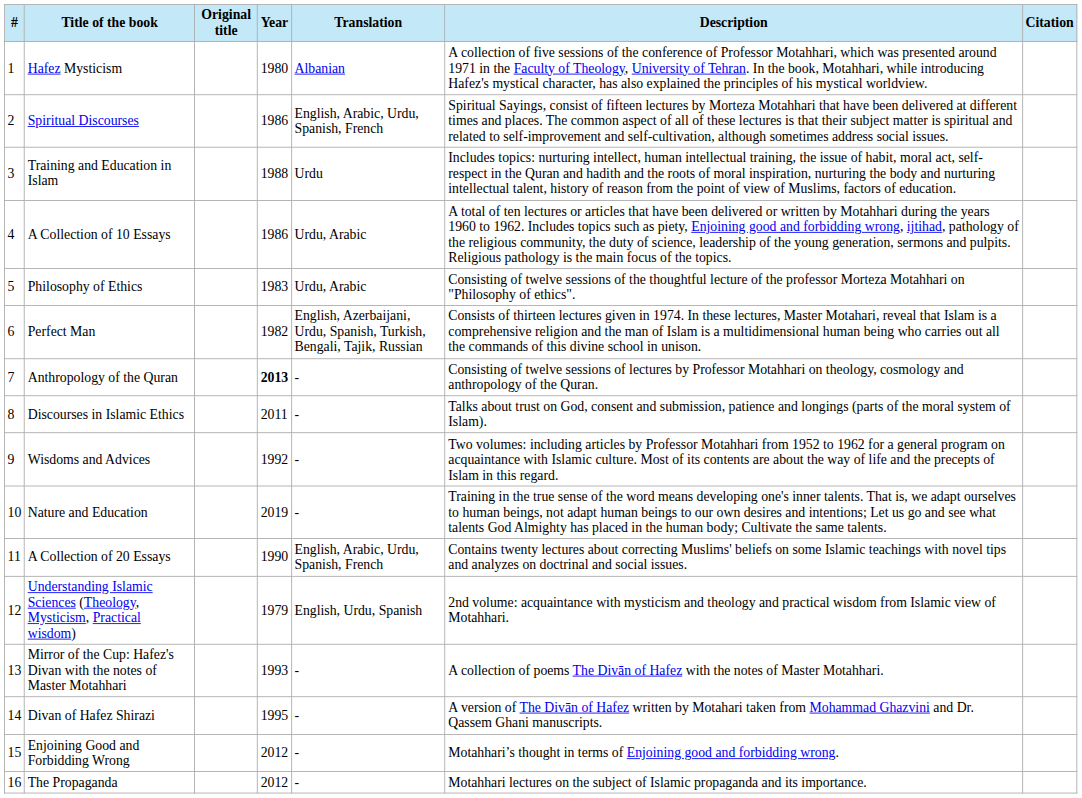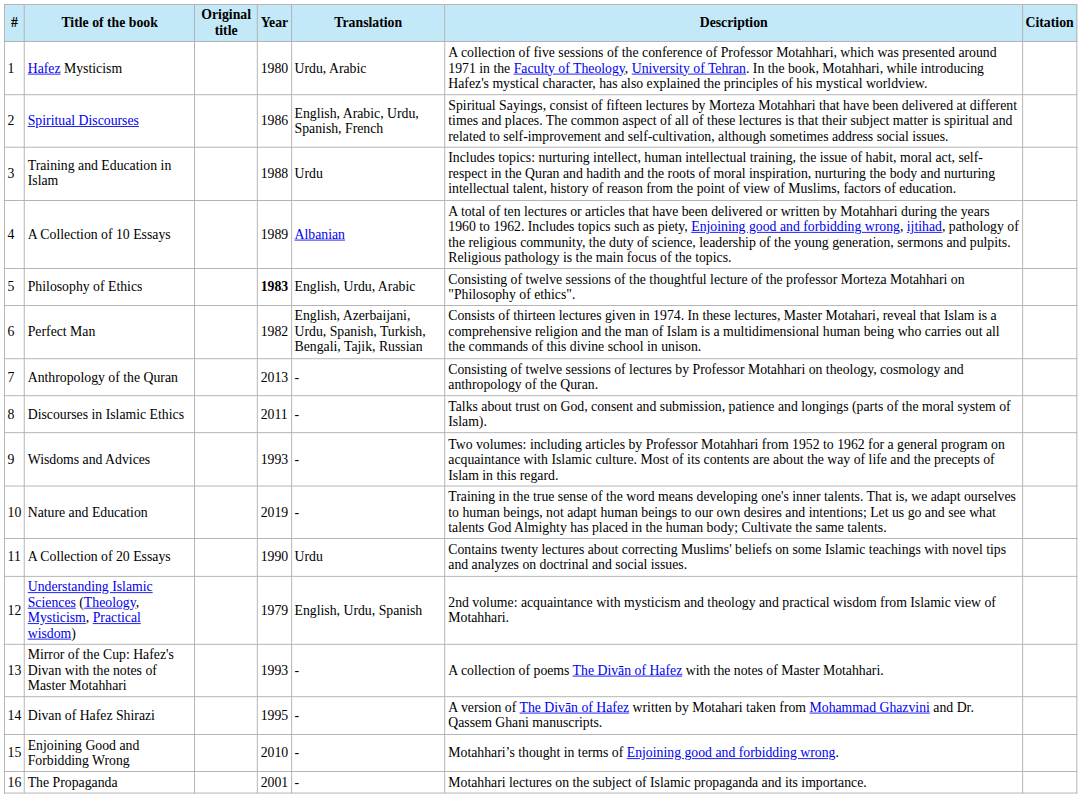 <table class="wikitable" style="background-color:#ffffff; color:#000000">
 <tr>
 <th style="background-color:#c3e8f7;">#</th>
 <th style="background-color:#c3e8f7;">Title of the book</th>
 <th style="background-color:#c3e8f7;">Original title</th>
 <th style="background-color:#c3e8f7;">Year</th>
 <th style="background-color:#c3e8f7;">Translation</th>
 <th style="background-color:#c3e8f7;">Description</th>
 <th style="background-color:#c3e8f7;">Citation</th>
 </tr>
 <tr>
 <td>1</td>
 <td><a href='#'>Hafez</a> Mysticism</td>
 <td></td>
 <td>1980</td>
-<td><a href='#'>Albanian</a></td>
+<td>Urdu, Arabic</td>
 <td>A collection of five sessions of the conference of Professor Motahhari, which was presented around 1971 in the <a href='#'>Faculty of Theology</a>, <a href='#'>University of Tehran</a>. In the book, Motahhari, while introducing Hafez's mystical character, has also explained the principles of his mystical worldview.</td>
 <td></td>
 </tr>
 <tr>
 <td>2</td>
 <td><a href='#'>Spiritual Discourses</a></td>
 <td></td>
 <td>1986</td>
 <td>English, Arabic, Urdu, Spanish, French</td>
 <td>Spiritual Sayings, consist of fifteen lectures by Morteza Motahhari that have been delivered at different times and places. The common aspect of all of these lectures is that their subject matter is spiritual and related to self-improvement and self-cultivation, although sometimes address social issues.</td>
 <td></td>
 </tr>
 <tr>
 <td>3</td>
 <td>Training and Education in Islam</td>
 <td></td>
 <td>1988</td>
 <td>Urdu</td>
 <td>Includes topics: nurturing intellect, human intellectual training, the issue of habit, moral act, self-respect in the Quran and hadith and the roots of moral inspiration, nurturing the body and nurturing intellectual talent, history of reason from the point of view of Muslims, factors of education.</td>
 <td></td>
 </tr>
 <tr>
 <td>4</td>
 <td>A Collection of 10 Essays</td>
 <td></td>
-<td>1986</td>
-<td>Urdu, Arabic</td>
+<td>1989</td>
+<td><a href='#'>Albanian</a></td>
 <td>A total of ten lectures or articles that have been delivered or written by Motahhari during the years 1960 to 1962. Includes topics such as piety, <a href='#'>Enjoining good and forbidding wrong</a>, <a href='#'>ijtihad</a>, pathology of the religious community, the duty of science, leadership of the young generation, sermons and pulpits. Religious pathology is the main focus of the topics.</td>
 <td></td>
 </tr>
 <tr>
 <td>5</td>
 <td>Philosophy of Ethics</td>
 <td></td>
-<td>1983</td>
-<td>Urdu, Arabic</td>
+<td><strong>1983</strong></td>
+<td>English, Urdu, Arabic</td>
 <td>Consisting of twelve sessions of the thoughtful lecture of the professor Morteza Motahhari on "Philosophy of ethics".</td>
 <td></td>
 </tr>
 <tr>
 <td>6</td>
 <td>Perfect Man</td>
 <td></td>
 <td>1982</td>
 <td>English, Azerbaijani, Urdu, Spanish, Turkish, Bengali, Tajik, Russian</td>
 <td>Consists of thirteen lectures given in 1974. In these lectures, Master Motahari, reveal that Islam is a comprehensive religion and the man of Islam is a multidimensional human being who carries out all the commands of this divine school in unison.</td>
 <td></td>
 </tr>
 <tr>
 <td>7</td>
 <td>Anthropology of the Quran</td>
 <td></td>
-<td><strong>2013</strong></td>
+<td>2013</td>
 <td>-</td>
 <td>Consisting of twelve sessions of lectures by Professor Motahhari on theology, cosmology and anthropology of the Quran.</td>
 <td></td>
 </tr>
 <tr>
 <td>8</td>
 <td>Discourses in Islamic Ethics</td>
 <td></td>
 <td>2011</td>
 <td>-</td>
 <td>Talks about trust on God, consent and submission, patience and longings (parts of the moral system of Islam).</td>
 <td></td>
 </tr>
 <tr>
 <td>9</td>
 <td>Wisdoms and Advices</td>
 <td></td>
-<td>1992</td>
+<td>1993</td>
 <td>-</td>
 <td>Two volumes: including articles by Professor Motahhari from 1952 to 1962 for a general program on acquaintance with Islamic culture. Most of its contents are about the way of life and the precepts of Islam in this regard.</td>
 <td></td>
 </tr>
 <tr>
 <td>10</td>
 <td>Nature and Education</td>
 <td></td>
 <td>2019</td>
 <td>-</td>
 <td>Training in the true sense of the word means developing one's inner talents. That is, we adapt ourselves to human beings, not adapt human beings to our own desires and intentions; Let us go and see what talents God Almighty has placed in the human body; Cultivate the same talents.</td>
 <td></td>
 </tr>
 <tr>
 <td>11</td>
 <td>A Collection of 20 Essays</td>
 <td></td>
 <td>1990</td>
-<td>English, Arabic, Urdu, Spanish, French</td>
+<td>Urdu</td>
 <td>Contains twenty lectures about correcting Muslims' beliefs on some Islamic teachings with novel tips and analyzes on doctrinal and social issues.</td>
 <td></td>
 </tr>
 <tr>
 <td>12</td>
 <td><a href='#'>Understanding Islamic Sciences</a> (<a href='#'>Theology</a>, <a href='#'>Mysticism</a>, <a href='#'>Practical wisdom</a>)</td>
 <td></td>
 <td>1979</td>
 <td>English, Urdu, Spanish</td>
 <td>2nd volume: acquaintance with mysticism and theology and practical wisdom from Islamic view of Motahhari.</td>
 <td></td>
 </tr>
 <tr>
 <td>13</td>
 <td>Mirror of the Cup: Hafez's Divan with the notes of Master Motahhari</td>
 <td></td>
 <td>1993</td>
 <td>-</td>
 <td>A collection of poems <a href='#'>The Divān of Hafez</a> with the notes of Master Motahhari.</td>
 <td></td>
 </tr>
 <tr>
 <td>14</td>
 <td>Divan of Hafez Shirazi</td>
 <td></td>
 <td>1995</td>
 <td>-</td>
 <td>A version of <a href='#'>The Divān of Hafez</a> written by Motahari taken from <a href='#'>Mohammad Ghazvini</a> and Dr. Qassem Ghani manuscripts.</td>
 <td></td>
 </tr>
 <tr>
 <td>15</td>
 <td>Enjoining Good and Forbidding Wrong</td>
 <td></td>
-<td>2012</td>
+<td>2010</td>
 <td>-</td>
 <td>Motahhari’s thought in terms of <a href='#'>Enjoining good and forbidding wrong</a>.</td>
 <td></td>
 </tr>
 <tr>
 <td>16</td>
 <td>The Propaganda</td>
 <td></td>
-<td>2012</td>
+<td>2001</td>
 <td>-</td>
 <td>Motahhari lectures on the subject of Islamic propaganda and its importance.</td>
 <td></td>
 </tr>
 </table>
